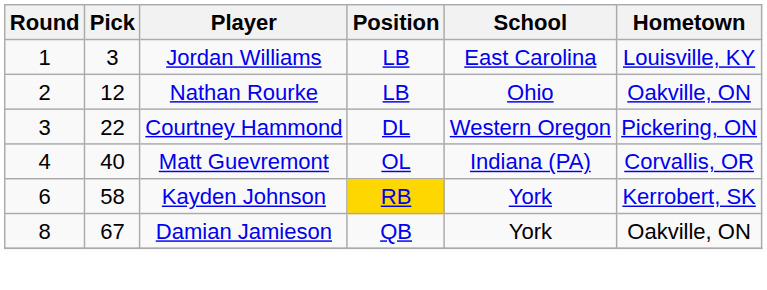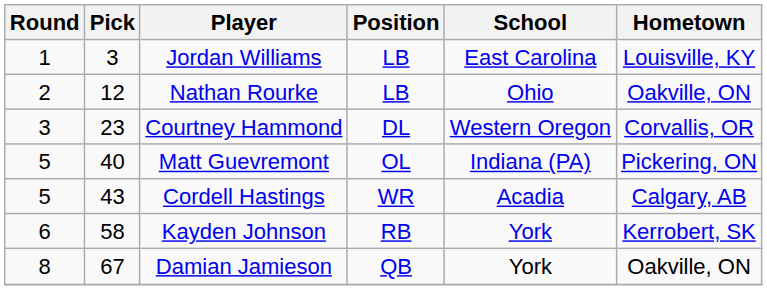 <table class="wikitable" style="font-size: 95%;">
 <tr>
 <th scope="col">Round</th>
 <th scope="col">Pick</th>
 <th scope="col">Player</th>
 <th scope="col">Position</th>
 <th scope="col">School</th>
 <th scope="col">Hometown</th>
 </tr>
 <tr align="center">
 <td align=center>1</td>
 <td>3</td>
 <td><a href='#'>Jordan Williams</a></td>
 <td><a href='#'>LB</a></td>
 <td><a href='#'>East Carolina</a></td>
 <td><a href='#'>Louisville, KY</a></td>
 </tr>
 <tr align="center">
 <td align=center>2</td>
 <td>12</td>
 <td><a href='#'>Nathan Rourke</a></td>
 <td><a href='#'>LB</a></td>
 <td><a href='#'>Ohio</a></td>
 <td><a href='#'>Oakville, ON</a></td>
 </tr>
 <tr align="center">
 <td align=center>3</td>
-<td>22</td>
+<td>23</td>
 <td><a href='#'>Courtney Hammond</a></td>
 <td><a href='#'>DL</a></td>
 <td><a href='#'>Western Oregon</a></td>
-<td><a href='#'>Pickering, ON</a></td>
+<td><a href='#'>Corvallis, OR</a></td>
 </tr>
 <tr align="center">
-<td align=center>4</td>
+<td align=center>5</td>
 <td>40</td>
 <td><a href='#'>Matt Guevremont</a></td>
 <td><a href='#'>OL</a></td>
 <td><a href='#'>Indiana (PA)</a></td>
-<td><a href='#'>Corvallis, OR</a></td>
+<td><a href='#'>Pickering, ON</a></td>
+</tr>
+<tr align="center">
+<td align=center>5</td>
+<td>43</td>
+<td><a href='#'>Cordell Hastings</a></td>
+<td><a href='#'>WR</a></td>
+<td><a href='#'>Acadia</a></td>
+<td><a href='#'>Calgary, AB</a></td>
 </tr>
 <tr align="center">
 <td align=center>6</td>
 <td>58</td>
 <td><a href='#'>Kayden Johnson</a></td>
-<td style="background: gold;"><a href='#'>RB</a></td>
+<td><a href='#'>RB</a></td>
 <td><a href='#'>York</a></td>
 <td><a href='#'>Kerrobert, SK</a></td>
 </tr>
 <tr align="center">
 <td align=center>8</td>
 <td>67</td>
 <td><a href='#'>Damian Jamieson</a></td>
 <td><a href='#'>QB</a></td>
 <td>York</td>
 <td>Oakville, ON</td>
 </tr>
 <tr>
 </tr>
 </table>
